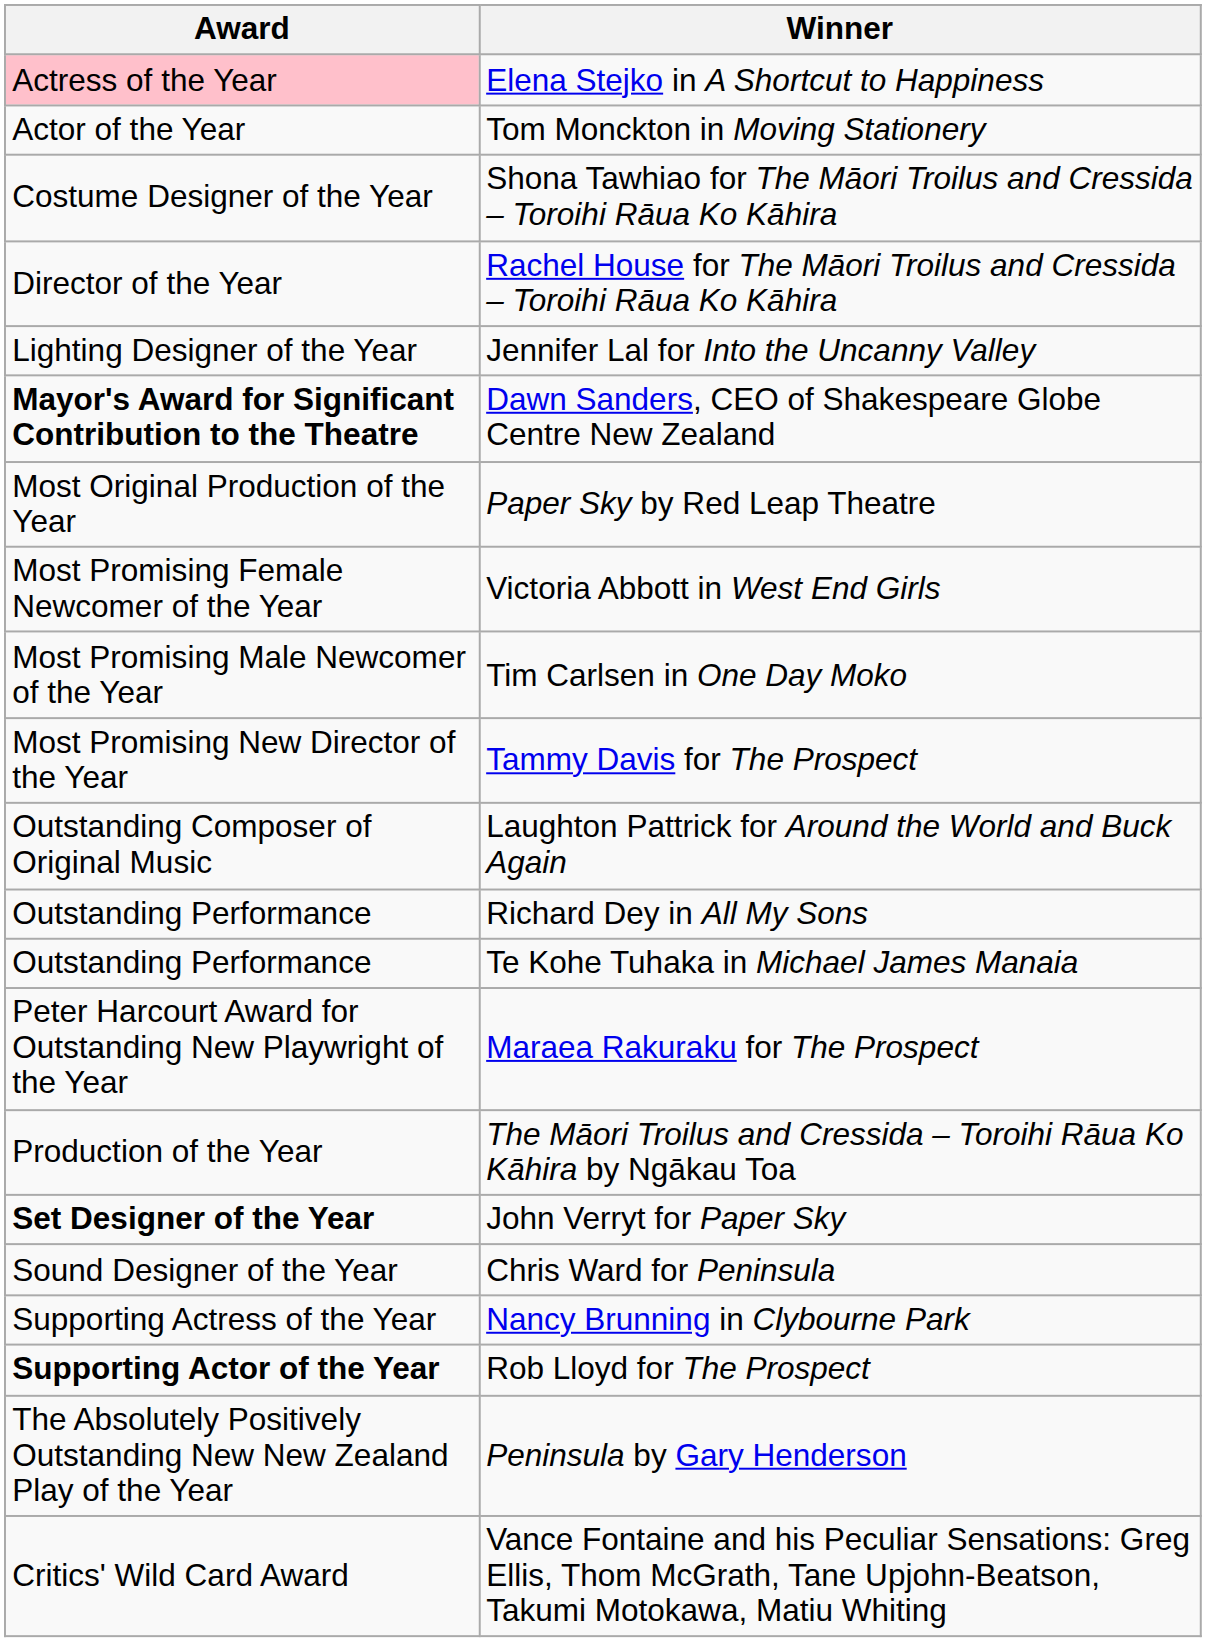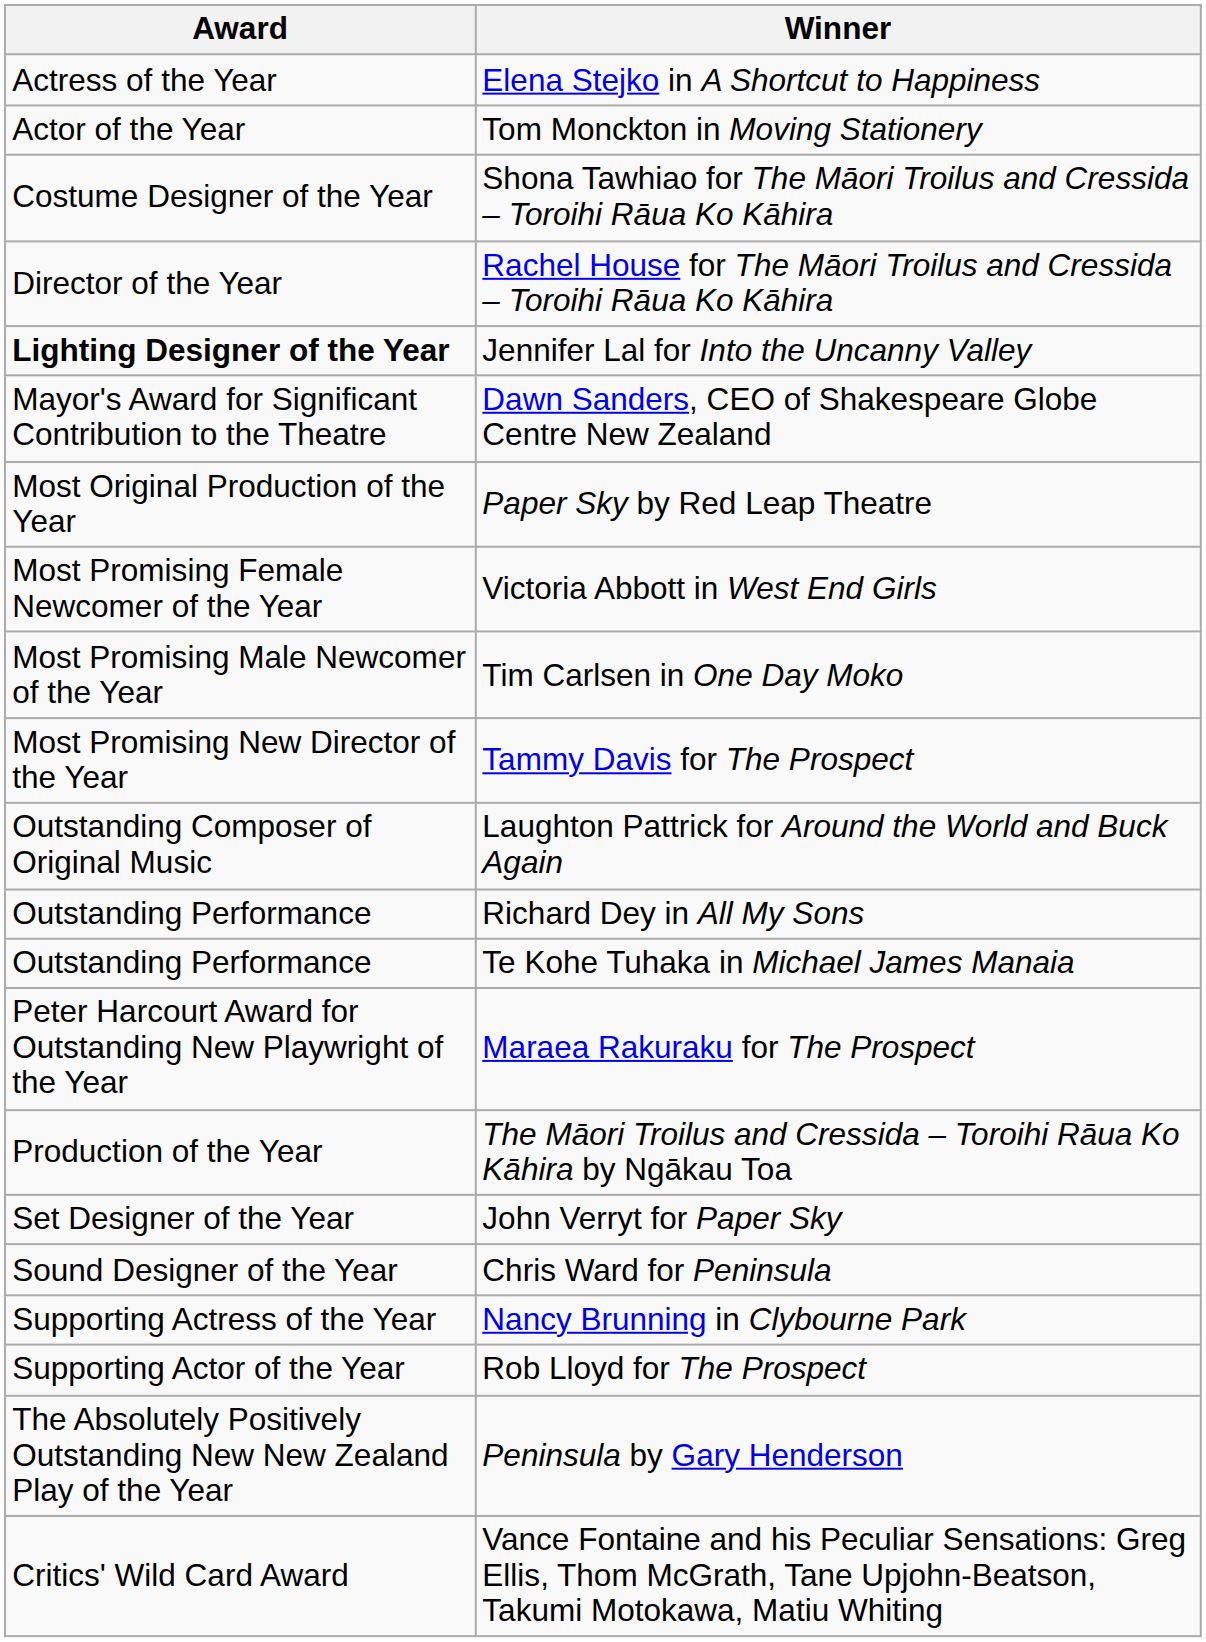 <table class="wikitable sortable">
 <tr>
 <th>Award</th>
 <th>Winner</th>
 </tr>
 <tr>
-<td style="background: pink;">Actress of the Year</td>
+<td>Actress of the Year</td>
 <td><a href='#'>Elena Stejko</a> in <em>A Shortcut to Happiness</em></td>
 </tr>
 <tr>
 <td>Actor of the Year</td>
 <td>Tom Monckton in <em>Moving Stationery</em></td>
 </tr>
 <tr>
 <td>Costume Designer of the Year</td>
 <td>Shona Tawhiao for <em>The Māori Troilus and Cressida – Toroihi Rāua Ko Kāhira</em></td>
 </tr>
 <tr>
 <td>Director of the Year</td>
 <td><a href='#'>Rachel House</a> for <em>The Māori Troilus and Cressida – Toroihi Rāua Ko Kāhira</em></td>
 </tr>
 <tr>
-<td>Lighting Designer of the Year</td>
+<td><strong>Lighting Designer of the Year</strong></td>
 <td>Jennifer Lal for <em>Into the Uncanny Valley</em></td>
 </tr>
 <tr>
-<td><strong>Mayor's Award for Significant Contribution to the Theatre</strong></td>
+<td>Mayor's Award for Significant Contribution to the Theatre</td>
 <td><a href='#'>Dawn Sanders</a>, CEO of Shakespeare Globe Centre New Zealand </td>
 </tr>
 <tr>
 <td>Most Original Production of the Year</td>
 <td><em>Paper Sky</em> by Red Leap Theatre</td>
 </tr>
 <tr>
 <td>Most Promising Female Newcomer of the Year</td>
 <td>Victoria Abbott in <em>West End Girls</em></td>
 </tr>
 <tr>
 <td>Most Promising Male Newcomer of the Year</td>
 <td>Tim Carlsen in <em>One Day Moko</em></td>
 </tr>
 <tr>
 <td>Most Promising New Director of the Year</td>
 <td><a href='#'>Tammy Davis</a> for <em>The Prospect</em></td>
 </tr>
 <tr>
 <td>Outstanding Composer of Original Music</td>
 <td>Laughton Pattrick for <em>Around the World and Buck Again</em> </td>
 </tr>
 <tr>
 <td>Outstanding Performance</td>
 <td>Richard Dey in <em>All My Sons</em></td>
 </tr>
 <tr>
 <td>Outstanding Performance</td>
 <td>Te Kohe Tuhaka in <em>Michael James Manaia</em></td>
 </tr>
 <tr>
 <td>Peter Harcourt Award for Outstanding New Playwright of the Year</td>
 <td><a href='#'>Maraea Rakuraku</a> for <em>The Prospect</em></td>
 </tr>
 <tr>
 <td>Production of the Year</td>
 <td><em>The Māori Troilus and Cressida – Toroihi Rāua Ko Kāhira</em> by Ngākau Toa</td>
 </tr>
 <tr>
-<td><strong>Set Designer of the Year</strong></td>
+<td>Set Designer of the Year</td>
 <td>John Verryt for <em>Paper Sky</em></td>
 </tr>
 <tr>
 <td>Sound Designer of the Year</td>
 <td>Chris Ward for <em>Peninsula</em></td>
 </tr>
 <tr>
 <td>Supporting Actress of the Year</td>
 <td><a href='#'>Nancy Brunning</a> in <em>Clybourne Park</em></td>
 </tr>
 <tr>
-<td><strong>Supporting Actor of the Year</strong></td>
+<td>Supporting Actor of the Year</td>
 <td>Rob Lloyd for <em>The Prospect</em></td>
 </tr>
 <tr>
 <td>The Absolutely Positively Outstanding New New Zealand Play of the Year</td>
 <td><em>Peninsula</em> by <a href='#'>Gary Henderson</a></td>
 </tr>
 <tr>
 <td>Critics' Wild Card Award</td>
 <td>Vance Fontaine and his Peculiar Sensations: Greg Ellis, Thom McGrath, Tane Upjohn-Beatson, Takumi Motokawa, Matiu Whiting</td>
 </tr>
 </table>
